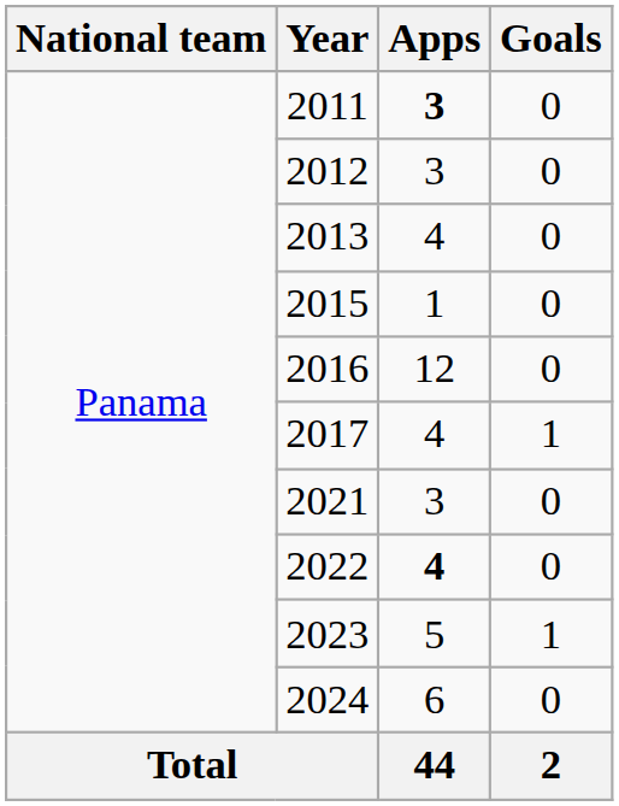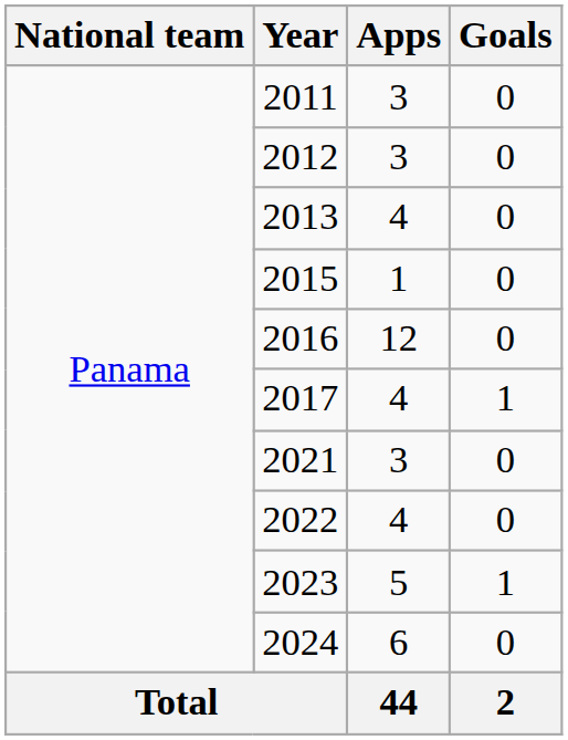 <table class="wikitable" style="text-align:center">
 <tr>
 <th>National team</th>
 <th>Year</th>
 <th>Apps</th>
 <th>Goals</th>
 </tr>
 <tr>
 <td rowspan="10"><a href='#'>Panama</a></td>
 <td>2011</td>
-<td><strong>3</strong></td>
+<td>3</td>
 <td>0</td>
 </tr>
 <tr>
 <td>2012</td>
 <td>3</td>
 <td>0</td>
 </tr>
 <tr>
 <td>2013</td>
 <td>4</td>
 <td>0</td>
 </tr>
 <tr>
 <td>2015</td>
 <td>1</td>
 <td>0</td>
 </tr>
 <tr>
 <td>2016</td>
 <td>12</td>
 <td>0</td>
 </tr>
 <tr>
 <td>2017</td>
 <td>4</td>
 <td>1</td>
 </tr>
 <tr>
 <td>2021</td>
 <td>3</td>
 <td>0</td>
 </tr>
 <tr>
 <td>2022</td>
-<td><strong>4</strong></td>
+<td>4</td>
 <td>0</td>
 </tr>
 <tr>
 <td>2023</td>
 <td>5</td>
 <td>1</td>
 </tr>
 <tr>
 <td>2024</td>
 <td>6</td>
 <td>0</td>
 </tr>
 <tr>
 <th colspan="2">Total</th>
 <th>44</th>
 <th>2</th>
 </tr>
 </table>
